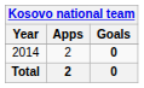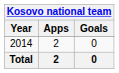 <table class="wikitable" style="text-align:center">
 <tr>
 <th colspan=3><a href='#'>Kosovo national team</a></th>
 </tr>
 <tr>
 <th>Year</th>
 <th>Apps</th>
 <th>Goals</th>
 </tr>
 <tr>
 </tr>
 <tr>
 <td>2014</td>
 <td>2</td>
-<td><strong>0</strong></td>
+<td>0</td>
 </tr>
 <tr>
 <th>Total</th>
 <th>2</th>
 <th>0</th>
 </tr>
 </table>
